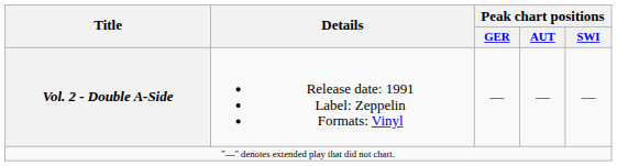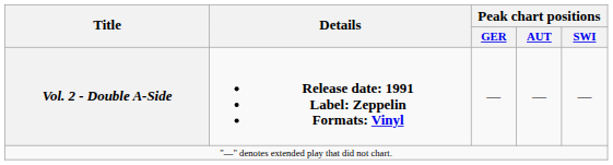 <table class="wikitable plainrowheaders" style="text-align:center;">
 <tr>
 <th rowspan="2" style="width:14em;">Title</th>
 <th rowspan="2" style="width:18em;">Details</th>
 <th colspan="3">Peak chart positions</th>
 </tr>
 <tr style="font-size:smaller;">
 <th style="width:45px;"><a href='#'>GER</a><br></th>
 <th style="width:45px;"><a href='#'>AUT</a><br></th>
 <th style="width:45px;"><a href='#'>SWI</a><br></th>
 </tr>
 <tr>
 <th scope="row"><em>Vol. 2 - Double A-Side</em></th>
-<td><br><ul><li>Release date: 1991</li><li>Label: Zeppelin</li><li>Formats: <a href='#'>Vinyl</a></li></ul></td>
+<td><strong><br><ul><li>Release date: 1991</li><li>Label: Zeppelin</li><li>Formats: <a href='#'>Vinyl</a></li></ul></strong></td>
 <td>—</td>
 <td>—</td>
 <td>—</td>
 </tr>
 <tr>
 <td colspan="15" style="font-size:8pt">"—" denotes extended play that did not chart.</td>
 </tr>
 </table>
